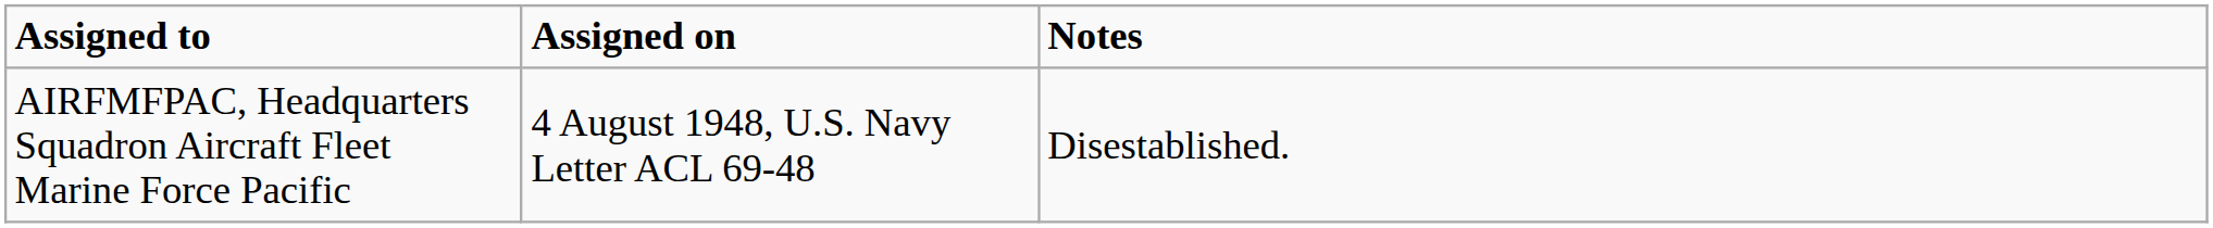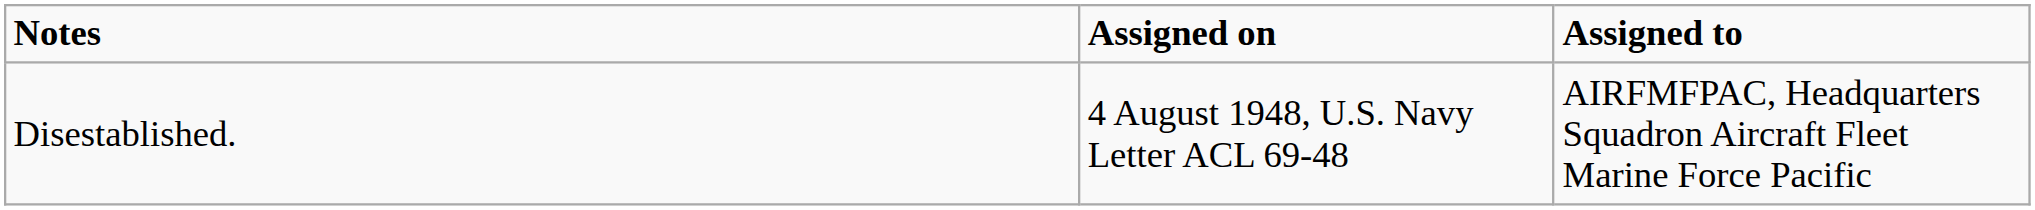 <table class="wikitable" style="width: 70%;">
 <tr>
+<td><strong>Notes</strong></td>
+<td style="width: 200px;"><strong>Assigned on</strong></td>
 <td style="width: 200px;"><strong>Assigned to</strong></td>
-<td style="width: 200px;"><strong>Assigned on</strong></td>
-<td><strong>Notes</strong></td>
 </tr>
 <tr>
+<td>Disestablished.</td>
+<td>4 August 1948, U.S. Navy Letter ACL 69-48</td>
 <td>AIRFMFPAC, Headquarters Squadron Aircraft Fleet Marine Force Pacific</td>
-<td>4 August 1948, U.S. Navy Letter ACL 69-48</td>
-<td>Disestablished.</td>
 </tr>
 </table>
